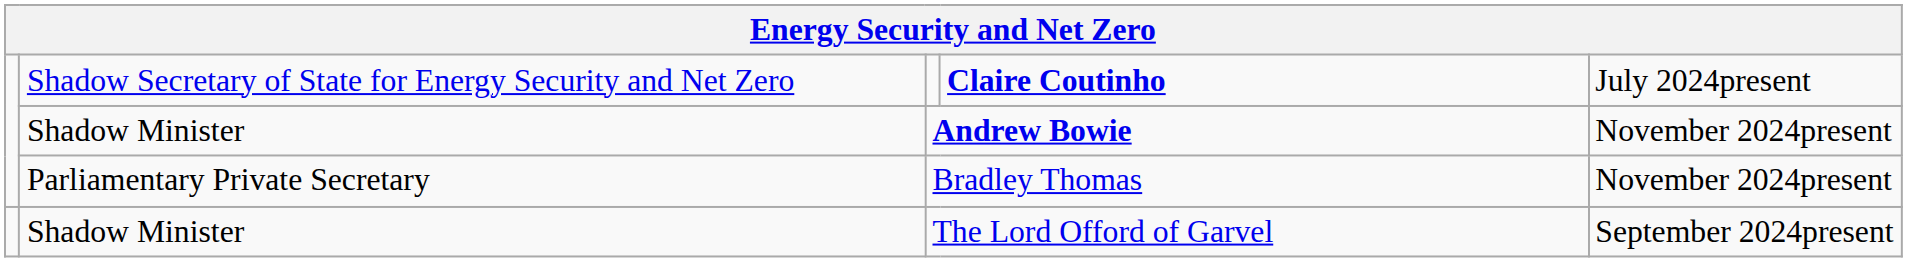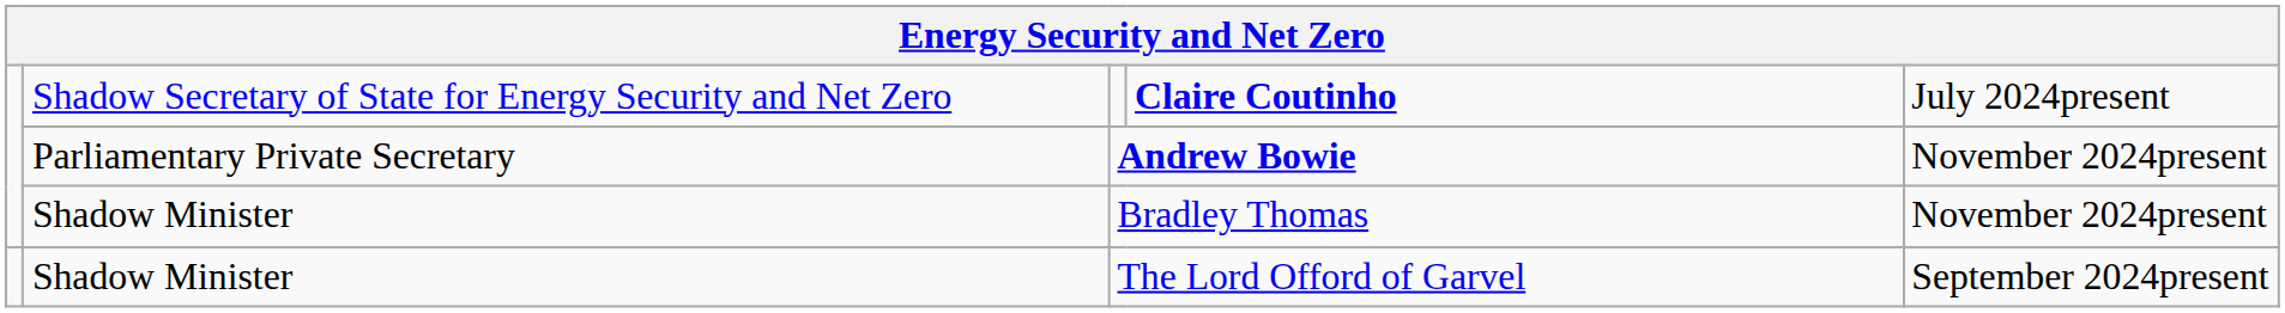 <table class="wikitable">
 <tr>
 <th colspan="5"><a href='#'>Energy Security and Net Zero</a></th>
 </tr>
 <tr>
 <td rowspan="3" style="background: "></td>
 <td style="width: 450px;"><a href='#'>Shadow Secretary of State for Energy Security and Net Zero</a></td>
 <td style="background: "></td>
 <td style="width: 320px;"><strong><a href='#'>Claire Coutinho</a></strong></td>
 <td>July 2024present</td>
 </tr>
 <tr>
-<td>Shadow Minister</td>
+<td>Parliamentary Private Secretary</td>
 <td colspan="2"><a href='#'><strong>Andrew Bowie</strong></a></td>
 <td>November 2024present</td>
 </tr>
 <tr>
-<td>Parliamentary Private Secretary</td>
+<td>Shadow Minister</td>
 <td colspan="2"><a href='#'>Bradley Thomas</a></td>
 <td>November 2024present</td>
 </tr>
 <tr>
 <td style="background: "></td>
 <td>Shadow Minister</td>
 <td colspan="2"><a href='#'>The Lord Offord of Garvel</a></td>
 <td>September 2024present</td>
 </tr>
 </table>
